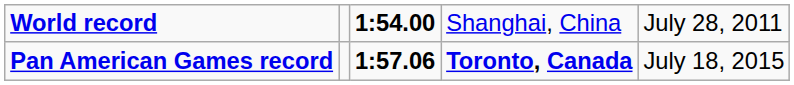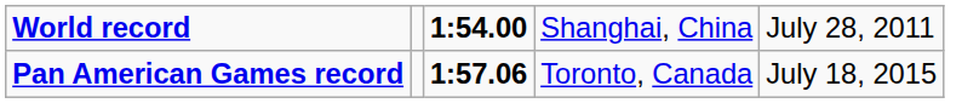 <table class="wikitable">
 <tr>
 <td><strong><a href='#'>World record</a></strong></td>
 <td></td>
 <td><strong>1:54.00</strong></td>
 <td><a href='#'>Shanghai</a>, <a href='#'>China</a></td>
 <td>July 28, 2011</td>
 </tr>
 <tr>
 <td><strong><a href='#'>Pan American Games record</a></strong></td>
 <td></td>
 <td><strong>1:57.06</strong></td>
-<td><strong><a href='#'>Toronto</a>, <a href='#'>Canada</a></strong></td>
+<td><a href='#'>Toronto</a>, <a href='#'>Canada</a></td>
 <td>July 18, 2015</td>
 </tr>
 </table>
